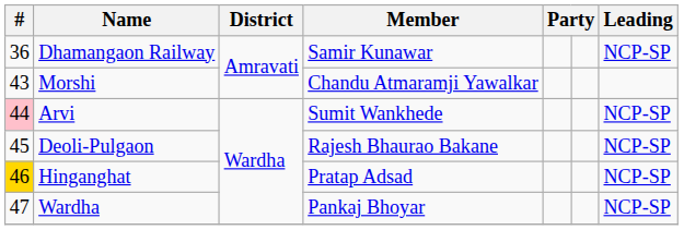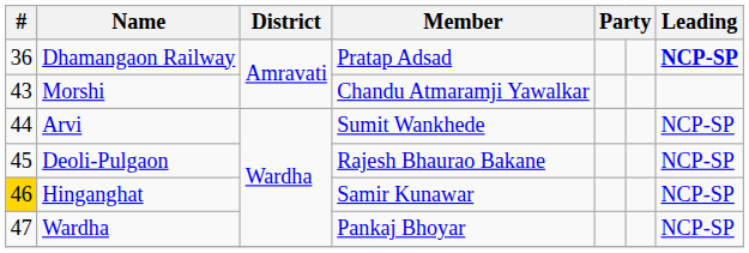 <table class="wikitable">
 <tr>
 <th>#</th>
 <th>Name</th>
 <th>District</th>
 <th>Member</th>
 <th colspan="2">Party</th>
 <th colspan=2>Leading<br></th>
 </tr>
 <tr>
 <td>36</td>
 <td><a href='#'>Dhamangaon Railway</a></td>
 <td rowspan="2"><a href='#'>Amravati</a></td>
-<td><a href='#'>Samir Kunawar</a></td>
+<td><a href='#'>Pratap Adsad</a></td>
 <td></td>
 <td style="background-color: "></td>
-<td><a href='#'>NCP-SP</a></td>
+<td><strong><a href='#'>NCP-SP</a></strong></td>
 </tr>
 <tr>
 <td>43</td>
 <td><a href='#'>Morshi</a></td>
 <td><a href='#'>Chandu Atmaramji Yawalkar</a></td>
 <td></td>
 <td></td>
 </tr>
 <tr>
-<td style="background: pink;">44</td>
+<td>44</td>
 <td><a href='#'>Arvi</a></td>
 <td rowspan="4"><a href='#'>Wardha</a></td>
 <td><a href='#'>Sumit Wankhede</a></td>
 <td></td>
 <td style="background-color: "></td>
 <td><a href='#'>NCP-SP</a></td>
 </tr>
 <tr>
 <td>45</td>
 <td><a href='#'>Deoli-Pulgaon</a></td>
 <td><a href='#'>Rajesh Bhaurao Bakane</a></td>
 <td></td>
 <td style="background-color: "></td>
 <td><a href='#'>NCP-SP</a></td>
 </tr>
 <tr>
 <td style="background: gold;">46</td>
 <td><a href='#'>Hinganghat</a></td>
-<td><a href='#'>Pratap Adsad</a></td>
+<td><a href='#'>Samir Kunawar</a></td>
 <td></td>
 <td style="background-color: "></td>
 <td><a href='#'>NCP-SP</a></td>
 </tr>
 <tr>
 <td>47</td>
 <td><a href='#'>Wardha</a></td>
 <td><a href='#'>Pankaj Bhoyar</a></td>
 <td></td>
 <td style="background-color: "></td>
 <td><a href='#'>NCP-SP</a></td>
 </tr>
 <tr>
 </tr>
 </table>
